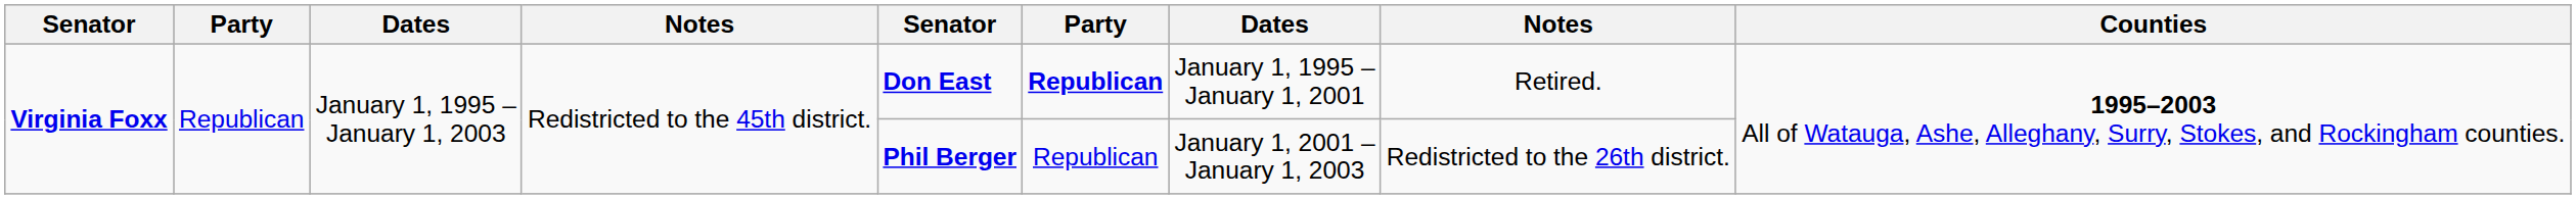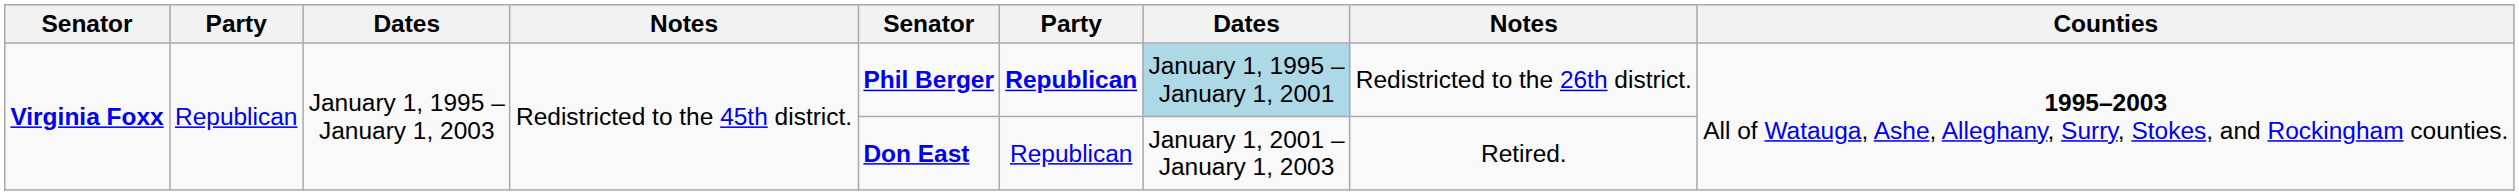 <table class=wikitable style="text-align:center">
 <tr>
 <th>Senator</th>
 <th>Party</th>
 <th>Dates</th>
 <th>Notes</th>
 <th>Senator</th>
 <th>Party</th>
 <th>Dates</th>
 <th>Notes</th>
 <th>Counties</th>
 </tr>
 <tr style="height:3em">
 <td rowspan=2 align=left><strong><a href='#'>Virginia Foxx</a></strong></td>
 <td rowspan=2 ><a href='#'>Republican</a></td>
 <td rowspan=2 nowrap>January 1, 1995 – <br> January 1, 2003</td>
 <td rowspan=2>Redistricted to the <a href='#'>45th</a> district.</td>
-<td align=left><strong><a href='#'>Don East</a></strong></td>
+<td align=left><strong><a href='#'>Phil Berger</a></strong></td>
 <td><strong><a href='#'>Republican</a></strong></td>
-<td nowrap>January 1, 1995 – <br> January 1, 2001</td>
-<td>Retired.</td>
+<td nowrap style="background: lightblue;">January 1, 1995 – <br> January 1, 2001</td>
+<td>Redistricted to the <a href='#'>26th</a> district.</td>
 <td rowspan=2><strong>1995–2003</strong><br> All of <a href='#'>Watauga</a>, <a href='#'>Ashe</a>, <a href='#'>Alleghany</a>, <a href='#'>Surry</a>, <a href='#'>Stokes</a>, and <a href='#'>Rockingham</a> counties.</td>
 </tr>
 <tr style="height:3em">
-<td align=left><strong><a href='#'>Phil Berger</a></strong></td>
+<td align=left><strong><a href='#'>Don East</a></strong></td>
 <td><a href='#'>Republican</a></td>
 <td nowrap>January 1, 2001 – <br> January 1, 2003</td>
-<td>Redistricted to the <a href='#'>26th</a> district.</td>
+<td>Retired.</td>
 </tr>
 </table>
